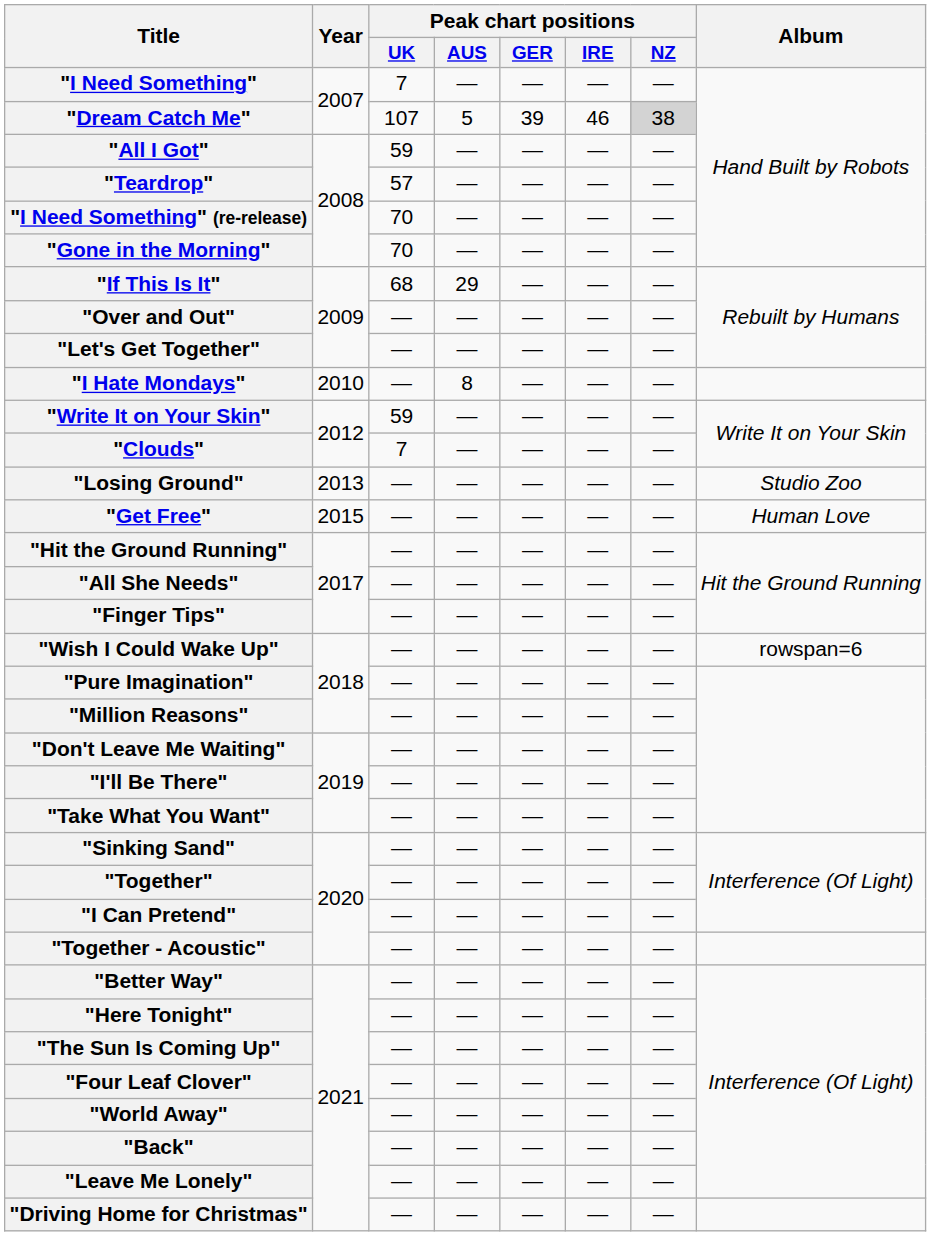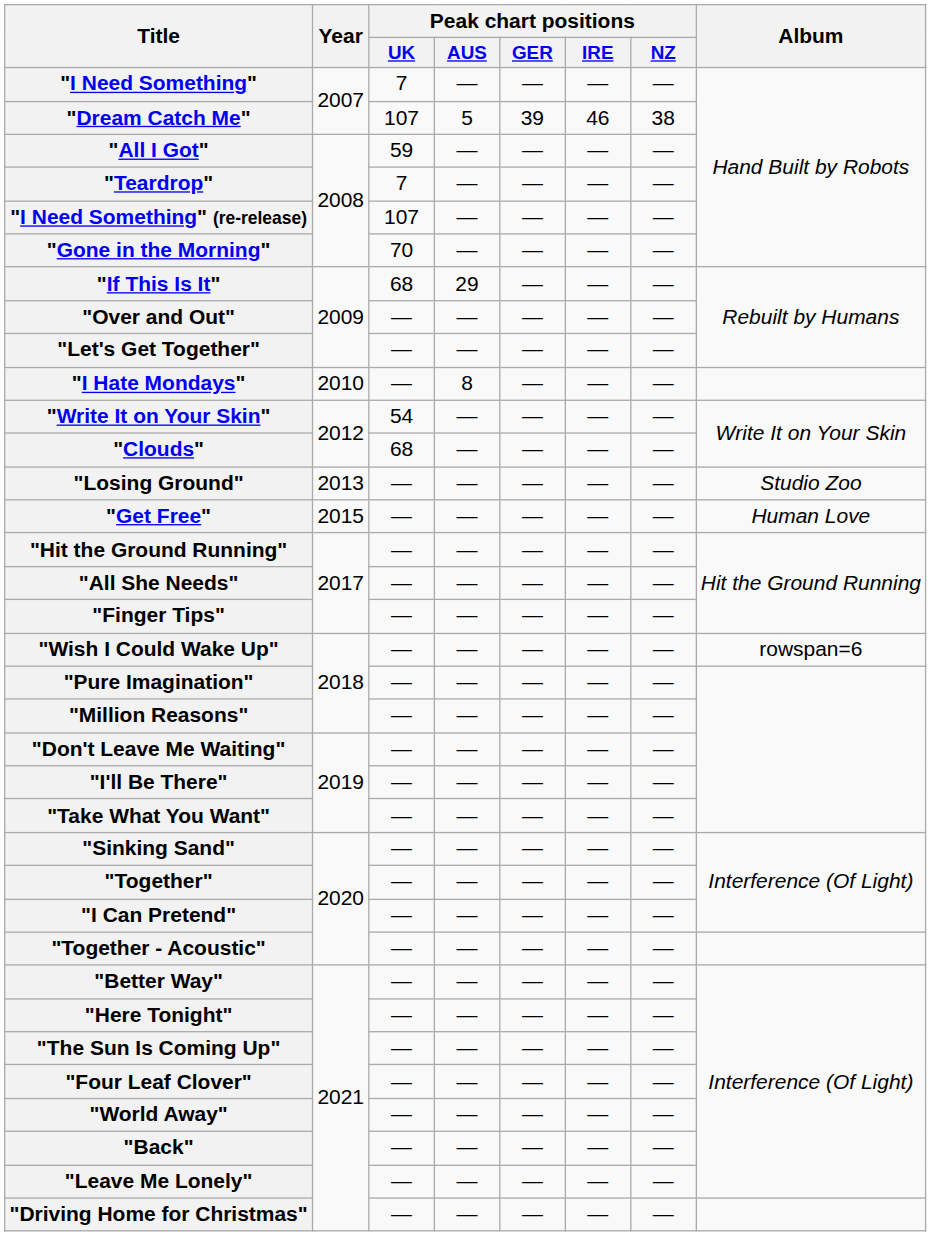 <table class="wikitable plainrowheaders" style="text-align:center;">
 <tr>
 <th scope="col" rowspan="2">Title</th>
 <th scope="col" rowspan="2">Year</th>
 <th scope="col" colspan="5">Peak chart positions</th>
 <th scope="col" rowspan="2">Album</th>
 </tr>
 <tr>
 <th scope="col" style="width:3em;font-size:90%;"><a href='#'>UK</a><br></th>
 <th scope="col" style="width:3em;font-size:90%;"><a href='#'>AUS</a><br></th>
 <th scope="col" style="width:3em;font-size:90%;"><a href='#'>GER</a><br></th>
 <th scope="col" style="width:3em;font-size:90%;"><a href='#'>IRE</a><br></th>
 <th scope="col" style="width:3em;font-size:90%;"><a href='#'>NZ</a><br></th>
 </tr>
 <tr>
 <th scope="row">"<a href='#'>I Need Something</a>"</th>
 <td rowspan="2">2007</td>
 <td>7</td>
 <td>—</td>
 <td>—</td>
 <td>—</td>
 <td>—</td>
 <td rowspan="6"><em>Hand Built by Robots</em></td>
 </tr>
 <tr>
 <th scope="row">"<a href='#'>Dream Catch Me</a>"</th>
 <td>107</td>
 <td>5</td>
 <td>39</td>
 <td>46</td>
-<td style="background: lightgrey;">38</td>
+<td>38</td>
 </tr>
 <tr>
 <th scope="row">"<a href='#'>All I Got</a>"</th>
 <td rowspan="4">2008</td>
 <td>59</td>
 <td>—</td>
 <td>—</td>
 <td>—</td>
 <td>—</td>
 </tr>
 <tr>
 <th scope="row">"<a href='#'>Teardrop</a>"</th>
-<td>57</td>
+<td>7</td>
 <td>—</td>
 <td>—</td>
 <td>—</td>
 <td>—</td>
 </tr>
 <tr>
 <th scope="row">"<a href='#'>I Need Something</a>" <small>(re-release)</small></th>
-<td>70</td>
+<td>107</td>
 <td>—</td>
 <td>—</td>
 <td>—</td>
 <td>—</td>
 </tr>
 <tr>
 <th scope="row">"<a href='#'>Gone in the Morning</a>"</th>
 <td>70</td>
 <td>—</td>
 <td>—</td>
 <td>—</td>
 <td>—</td>
 </tr>
 <tr>
 <th scope="row">"<a href='#'>If This Is It</a>"</th>
 <td rowspan="3">2009</td>
 <td>68</td>
 <td>29</td>
 <td>—</td>
 <td>—</td>
 <td>—</td>
 <td rowspan="3"><em>Rebuilt by Humans</em></td>
 </tr>
 <tr>
 <th scope="row">"Over and Out"</th>
 <td>—</td>
 <td>—</td>
 <td>—</td>
 <td>—</td>
 <td>—</td>
 </tr>
 <tr>
 <th scope="row">"Let's Get Together"</th>
 <td>—</td>
 <td>—</td>
 <td>—</td>
 <td>—</td>
 <td>—</td>
 </tr>
 <tr>
 <th scope="row">"<a href='#'>I Hate Mondays</a>"</th>
 <td>2010</td>
 <td>—</td>
 <td>8</td>
 <td>—</td>
 <td>—</td>
 <td>—</td>
 <td></td>
 </tr>
 <tr>
 <th scope="row">"<a href='#'>Write It on Your Skin</a>"</th>
 <td rowspan="2">2012</td>
-<td>59</td>
+<td>54</td>
 <td>—</td>
 <td>—</td>
 <td>—</td>
 <td>—</td>
 <td rowspan="2"><em>Write It on Your Skin</em></td>
 </tr>
 <tr>
 <th scope="row">"<a href='#'>Clouds</a>"</th>
-<td>7</td>
+<td>68</td>
 <td>—</td>
 <td>—</td>
 <td>—</td>
 <td>—</td>
 </tr>
 <tr>
 <th scope="row">"Losing Ground"</th>
 <td>2013</td>
 <td>—</td>
 <td>—</td>
 <td>—</td>
 <td>—</td>
 <td>—</td>
 <td><em>Studio Zoo</em></td>
 </tr>
 <tr>
 <th scope="row">"<a href='#'>Get Free</a>"</th>
 <td>2015</td>
 <td>—</td>
 <td>—</td>
 <td>—</td>
 <td>—</td>
 <td>—</td>
 <td><em>Human Love</em></td>
 </tr>
 <tr>
 <th scope="row">"Hit the Ground Running"</th>
 <td rowspan="3">2017</td>
 <td>—</td>
 <td>—</td>
 <td>—</td>
 <td>—</td>
 <td>—</td>
 <td rowspan="3"><em>Hit the Ground Running</em></td>
 </tr>
 <tr>
 <th scope="row">"All She Needs"</th>
 <td>—</td>
 <td>—</td>
 <td>—</td>
 <td>—</td>
 <td>—</td>
 </tr>
 <tr>
 <th scope="row">"Finger Tips"</th>
 <td>—</td>
 <td>—</td>
 <td>—</td>
 <td>—</td>
 <td>—</td>
 </tr>
 <tr>
 <th scope="row">"Wish I Could Wake Up"</th>
 <td rowspan=3>2018</td>
 <td>—</td>
 <td>—</td>
 <td>—</td>
 <td>—</td>
 <td>—</td>
 <td>rowspan=6 </td>
 </tr>
 <tr>
 <th scope="row">"Pure Imagination"</th>
 <td>—</td>
 <td>—</td>
 <td>—</td>
 <td>—</td>
 <td>—</td>
 </tr>
 <tr>
 <th scope="row">"Million Reasons"</th>
 <td>—</td>
 <td>—</td>
 <td>—</td>
 <td>—</td>
 <td>—</td>
 </tr>
 <tr>
 <th scope="row">"Don't Leave Me Waiting"</th>
 <td rowspan=3>2019</td>
 <td>—</td>
 <td>—</td>
 <td>—</td>
 <td>—</td>
 <td>—</td>
 </tr>
 <tr>
 <th scope="row">"I'll Be There"</th>
 <td>—</td>
 <td>—</td>
 <td>—</td>
 <td>—</td>
 <td>—</td>
 </tr>
 <tr>
 <th scope="row">"Take What You Want"</th>
 <td>—</td>
 <td>—</td>
 <td>—</td>
 <td>—</td>
 <td>—</td>
 </tr>
 <tr>
 <th scope="row">"Sinking Sand"</th>
 <td rowspan=4>2020</td>
 <td>—</td>
 <td>—</td>
 <td>—</td>
 <td>—</td>
 <td>—</td>
 <td rowspan=3><em>Interference (Of Light)</em></td>
 </tr>
 <tr>
 <th scope="row">"Together"</th>
 <td>—</td>
 <td>—</td>
 <td>—</td>
 <td>—</td>
 <td>—</td>
 </tr>
 <tr>
 <th scope="row">"I Can Pretend"</th>
 <td>—</td>
 <td>—</td>
 <td>—</td>
 <td>—</td>
 <td>—</td>
 </tr>
 <tr>
 <th scope="row">"Together - Acoustic"</th>
 <td>—</td>
 <td>—</td>
 <td>—</td>
 <td>—</td>
 <td>—</td>
 <td></td>
 </tr>
 <tr>
 <th scope="row">"Better Way"</th>
 <td rowspan=8>2021</td>
 <td>—</td>
 <td>—</td>
 <td>—</td>
 <td>—</td>
 <td>—</td>
 <td rowspan=7><em>Interference (Of Light)</em></td>
 </tr>
 <tr>
 <th scope="row">"Here Tonight"</th>
 <td>—</td>
 <td>—</td>
 <td>—</td>
 <td>—</td>
 <td>—</td>
 </tr>
 <tr>
 <th scope="row">"The Sun Is Coming Up"</th>
 <td>—</td>
 <td>—</td>
 <td>—</td>
 <td>—</td>
 <td>—</td>
 </tr>
 <tr>
 <th scope="row">"Four Leaf Clover"</th>
 <td>—</td>
 <td>—</td>
 <td>—</td>
 <td>—</td>
 <td>—</td>
 </tr>
 <tr>
 <th scope="row">"World Away"</th>
 <td>—</td>
 <td>—</td>
 <td>—</td>
 <td>—</td>
 <td>—</td>
 </tr>
 <tr>
 <th scope="row">"Back"</th>
 <td>—</td>
 <td>—</td>
 <td>—</td>
 <td>—</td>
 <td>—</td>
 </tr>
 <tr>
 <th scope="row">"Leave Me Lonely"</th>
 <td>—</td>
 <td>—</td>
 <td>—</td>
 <td>—</td>
 <td>—</td>
 </tr>
 <tr>
 <th scope="row">"Driving Home for Christmas"<br> </th>
 <td>—</td>
 <td>—</td>
 <td>—</td>
 <td>—</td>
 <td>—</td>
 <td></td>
 </tr>
 </table>
